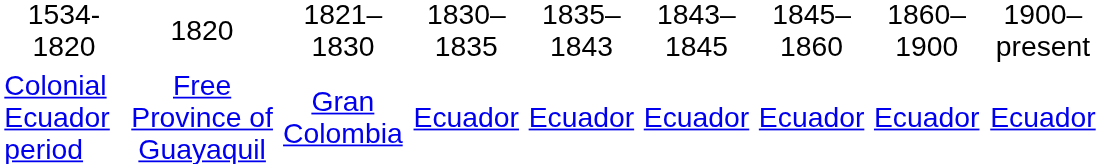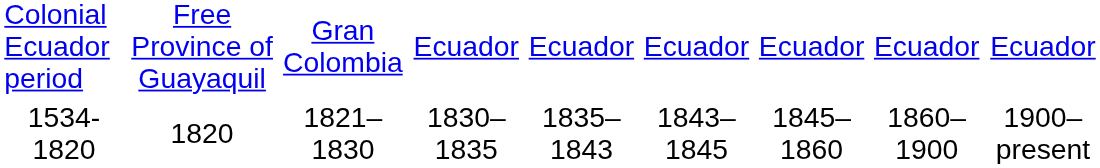 <table border=0 align="center">
 <tr>
 <td alien="center"></td>
 <td align="center"></td>
 <td align="center"></td>
 <td align="center"></td>
 <td align="center"></td>
 <td align="center"></td>
 <td align="center"></td>
 <td align="center"></td>
 <td align="center"></td>
 </tr>
 <tr>
+<td alien="center"><a href='#'>Colonial Ecuador period</a></td>
+<td align="center"><a href='#'>Free Province of Guayaquil</a></td>
+<td align="center"><a href='#'>Gran Colombia</a></td>
+<td align="center"><a href='#'>Ecuador</a></td>
+<td align="center"><a href='#'>Ecuador</a></td>
+<td align="center"><a href='#'>Ecuador</a></td>
+<td align="center"><a href='#'>Ecuador</a></td>
+<td align="center"><a href='#'>Ecuador</a></td>
+<td align="center"><a href='#'>Ecuador</a></td>
+</tr>
+<tr>
 <td align="center">1534-1820</td>
 <td align="center">1820</td>
 <td align="center">1821–1830</td>
 <td align="center">1830–1835</td>
 <td align="center">1835–1843</td>
 <td align="center">1843–1845</td>
 <td align="center">1845–1860</td>
 <td align="center">1860–1900</td>
 <td align="center">1900–present</td>
 </tr>
-<tr>
-<td alien="center"><a href='#'>Colonial Ecuador period</a></td>
-<td align="center"><a href='#'>Free Province of Guayaquil</a></td>
-<td align="center"><a href='#'>Gran Colombia</a></td>
-<td align="center"><a href='#'>Ecuador</a></td>
-<td align="center"><a href='#'>Ecuador</a></td>
-<td align="center"><a href='#'>Ecuador</a></td>
-<td align="center"><a href='#'>Ecuador</a></td>
-<td align="center"><a href='#'>Ecuador</a></td>
-<td align="center"><a href='#'>Ecuador</a></td>
-</tr>
 </table>
